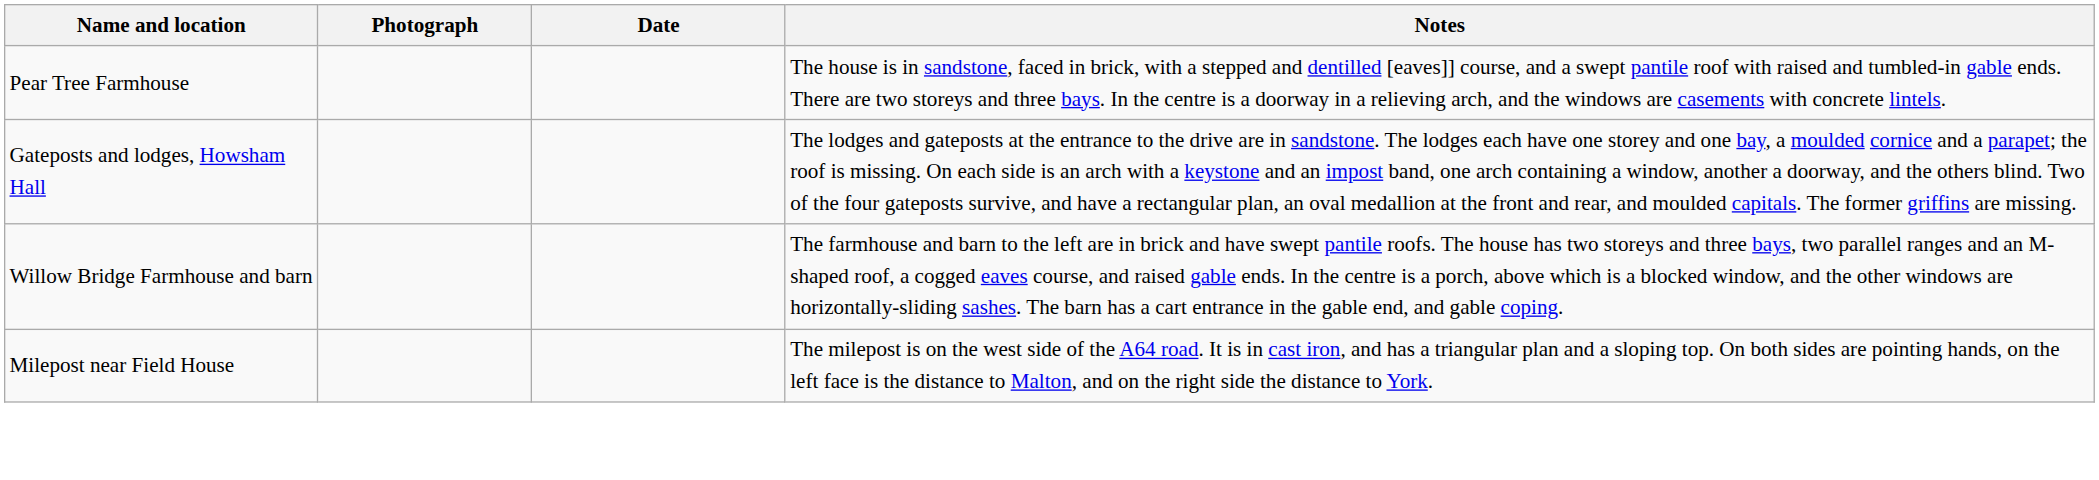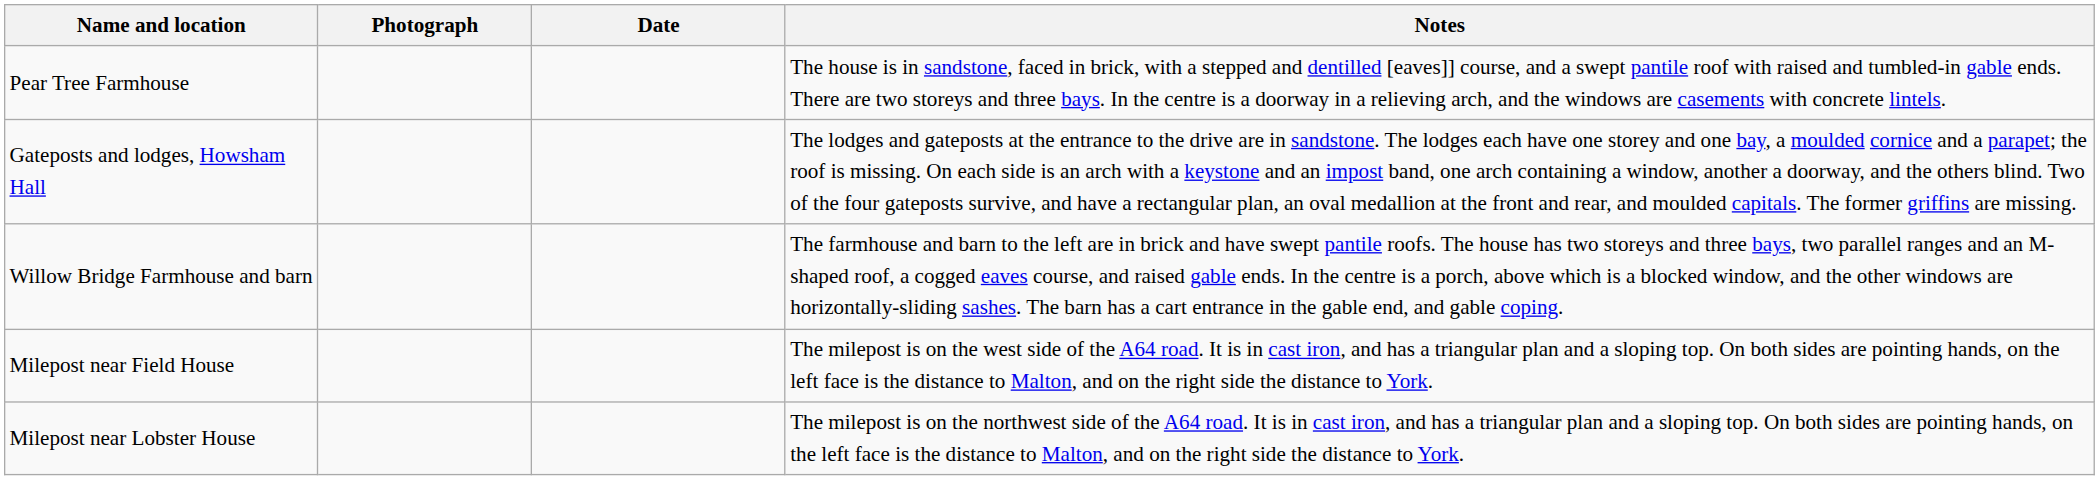 <table class="wikitable sortable plainrowheaders" style="width:100%;border:0px;text-align:left;line-height:150%;">
 <tr>
 <th scope="col"  style="width:150px">Name and location</th>
 <th scope="col"  style="width:100px" class="unsortable">Photograph</th>
 <th scope="col"  style="width:120px">Date</th>
 <th scope="col"  style="width:650px" class="unsortable">Notes</th>
 </tr>
 <tr>
 <td>Pear Tree Farmhouse<br><small></small></td>
 <td></td>
 <td align="center"></td>
 <td>The house is in <a href='#'>sandstone</a>, faced in brick, with a stepped and <a href='#'>dentilled</a> [eaves]] course, and a swept <a href='#'>pantile</a> roof with raised and tumbled-in <a href='#'>gable</a> ends. There are two storeys and three <a href='#'>bays</a>. In the centre is a doorway in a relieving arch, and the windows are <a href='#'>casements</a> with concrete <a href='#'>lintels</a>.</td>
 </tr>
 <tr>
 <td>Gateposts and lodges, <a href='#'>Howsham Hall</a><br><small></small></td>
 <td></td>
 <td align="center"></td>
 <td>The lodges and gateposts at the entrance to the drive are in <a href='#'>sandstone</a>.  The lodges each have one storey and one <a href='#'>bay</a>, a <a href='#'>moulded</a> <a href='#'>cornice</a> and a <a href='#'>parapet</a>; the roof is missing. On each side is an arch with a <a href='#'>keystone</a> and an <a href='#'>impost</a> band, one arch containing a window, another a doorway, and the others blind. Two of the four gateposts survive, and have a rectangular plan, an oval medallion at the front and rear, and moulded <a href='#'>capitals</a>. The former <a href='#'>griffins</a> are missing.</td>
 </tr>
 <tr>
 <td>Willow Bridge Farmhouse and barn<br><small></small></td>
 <td></td>
 <td align="center"></td>
 <td>The farmhouse and barn to the left are in brick and have swept <a href='#'>pantile</a> roofs. The house has two storeys and three <a href='#'>bays</a>, two parallel ranges and an M-shaped roof, a cogged <a href='#'>eaves</a> course, and raised <a href='#'>gable</a> ends. In the centre is a porch, above which is a blocked window, and the other windows are horizontally-sliding <a href='#'>sashes</a>. The barn has a cart entrance in the gable end, and gable <a href='#'>coping</a>.</td>
 </tr>
 <tr>
 <td>Milepost near Field House<br><small></small></td>
 <td></td>
 <td align="center"></td>
 <td>The milepost is on the west side of the <a href='#'>A64 road</a>. It is in <a href='#'>cast iron</a>, and has a triangular plan and a sloping top. On both sides are pointing hands, on the left face is the distance to <a href='#'>Malton</a>, and on the right side the distance to <a href='#'>York</a>.</td>
 </tr>
 <tr>
+<td>Milepost near Lobster House<br><small></small></td>
+<td></td>
+<td align="center"></td>
+<td>The milepost is on the northwest side of the <a href='#'>A64 road</a>. It is in <a href='#'>cast iron</a>, and has a triangular plan and a sloping top. On both sides are pointing hands, on the left face is the distance to <a href='#'>Malton</a>, and on the right side the distance to <a href='#'>York</a>.</td>
+</tr>
+<tr>
 </tr>
 </table>
